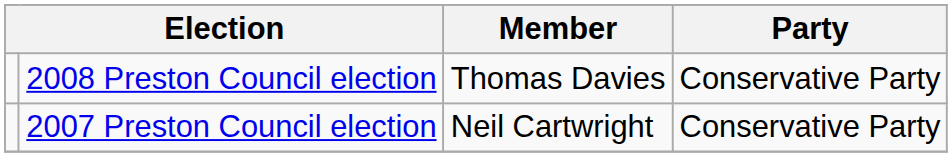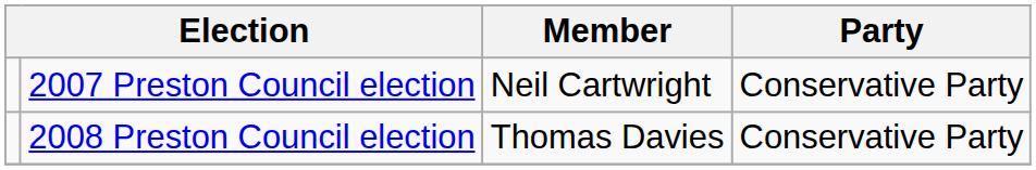 <table class="wikitable">
 <tr>
 <th colspan="2">Election</th>
 <th>Member</th>
 <th>Party</th>
 </tr>
 <tr>
 <td style="background-color: "></td>
+<td><a href='#'>2007 Preston Council election</a></td>
+<td>Neil Cartwright</td>
+<td>Conservative Party</td>
+</tr>
+<tr>
+<td style="background-color: "></td>
 <td><a href='#'>2008 Preston Council election</a></td>
 <td>Thomas Davies</td>
 <td>Conservative Party</td>
 </tr>
 <tr>
-<td style="background-color: "></td>
-<td><a href='#'>2007 Preston Council election</a></td>
-<td>Neil Cartwright</td>
-<td>Conservative Party</td>
-</tr>
-<tr>
 </tr>
 </table>
